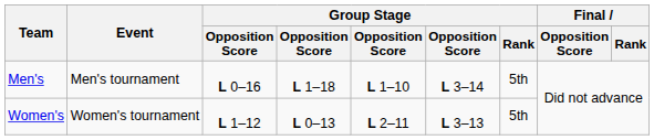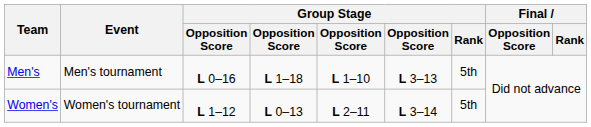 <table class="wikitable" style="font-size:90">
 <tr>
 <th rowspan=2>Team</th>
 <th rowspan=2>Event</th>
 <th colspan=5>Group Stage</th>
 <th colspan=2>Final / </th>
 </tr>
 <tr style="font-size:95%">
 <th>Opposition<br>Score</th>
 <th>Opposition<br>Score</th>
 <th>Opposition<br>Score</th>
 <th>Opposition<br>Score</th>
 <th>Rank</th>
 <th>Opposition<br>Score</th>
 <th>Rank</th>
 </tr>
 <tr align=center>
 <td align=left><a href='#'>Men's</a></td>
 <td align=left>Men's tournament</td>
 <td><br><strong>L</strong> 0–16</td>
 <td><br><strong>L</strong> 1–18</td>
 <td><br><strong>L</strong> 1–10</td>
-<td><br><strong>L</strong> 3–14</td>
+<td><br><strong>L</strong> 3–13</td>
 <td>5th</td>
 <td rowspan=2 colspan=2>Did not advance</td>
 </tr>
 <tr align=center>
 <td align=left><a href='#'>Women's</a></td>
 <td align=left>Women's tournament</td>
 <td><br><strong>L</strong> 1–12</td>
 <td><br><strong>L</strong> 0–13</td>
 <td><br><strong>L</strong> 2–11</td>
-<td><br><strong>L</strong> 3–13</td>
+<td><br><strong>L</strong> 3–14</td>
 <td>5th</td>
 </tr>
 </table>
